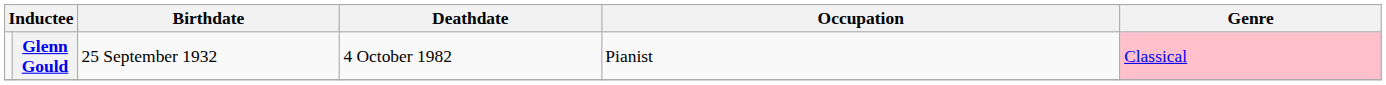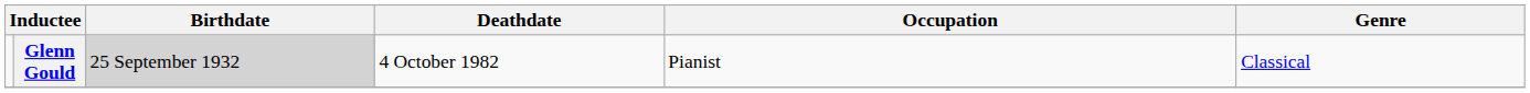 <table class="wikitable" width="100%">
 <tr>
 <th colspan=2>Inductee</th>
 <th width="20%">Birthdate</th>
 <th width="20%">Deathdate</th>
 <th width="40%">Occupation</th>
 <th width="40%">Genre</th>
 </tr>
 <tr>
 <td></td>
 <th><a href='#'>Glenn Gould</a></th>
-<td>25 September 1932</td>
+<td style="background: lightgrey;">25 September 1932</td>
 <td>4 October 1982</td>
 <td>Pianist</td>
-<td style="background: pink;"><a href='#'>Classical</a></td>
+<td><a href='#'>Classical</a></td>
 </tr>
 <tr>
 </tr>
 </table>
